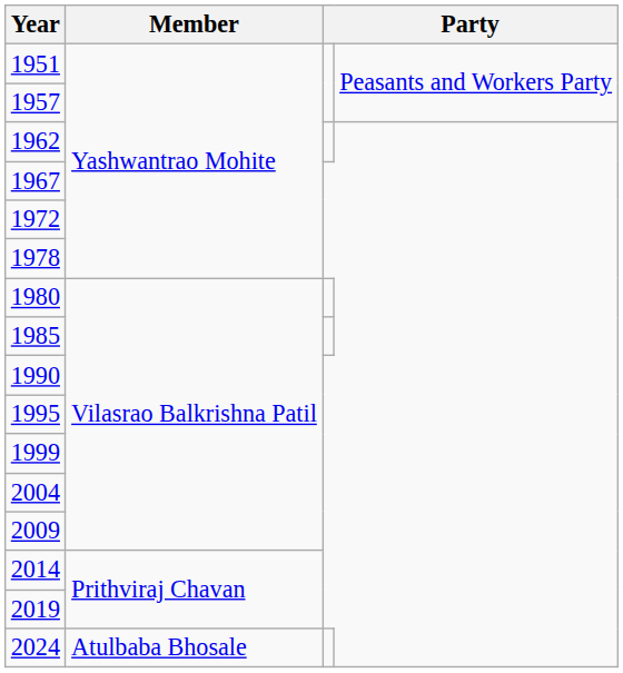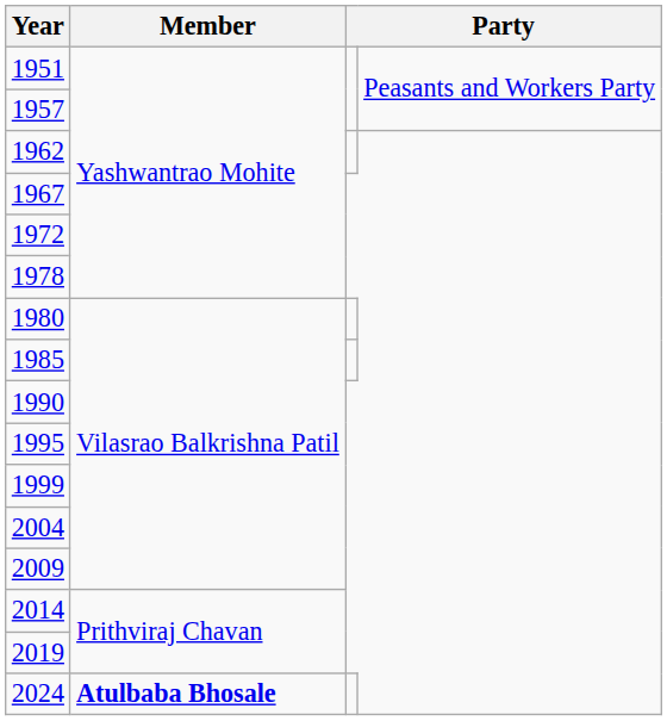 <table class="wikitable">
 <tr>
 <th>Year</th>
 <th>Member</th>
 <th colspan="2">Party</th>
 </tr>
 <tr>
 <td><a href='#'>1951</a></td>
 <td rowspan="6"><a href='#'>Yashwantrao Mohite</a></td>
 <td rowspan=2 style="background-color: "></td>
 <td rowspan=2><a href='#'>Peasants and Workers Party</a></td>
 </tr>
 <tr>
 <td><a href='#'>1957</a></td>
 </tr>
 <tr>
 <td><a href='#'>1962</a></td>
 <td></td>
 </tr>
 <tr>
 <td><a href='#'>1967</a></td>
 </tr>
 <tr>
 <td><a href='#'>1972</a></td>
 </tr>
 <tr>
 <td><a href='#'>1978</a></td>
 </tr>
 <tr>
 <td><a href='#'>1980</a></td>
 <td rowspan="7"><a href='#'>Vilasrao Balkrishna Patil</a></td>
 <td></td>
 </tr>
 <tr>
 <td><a href='#'>1985</a></td>
 <td></td>
 </tr>
 <tr>
 <td><a href='#'>1990</a></td>
 </tr>
 <tr>
 <td><a href='#'>1995</a></td>
 </tr>
 <tr>
 <td><a href='#'>1999</a></td>
 </tr>
 <tr>
 <td><a href='#'>2004</a></td>
 </tr>
 <tr>
 <td><a href='#'>2009</a></td>
 </tr>
 <tr>
 <td><a href='#'>2014</a></td>
 <td rowspan="2"><a href='#'>Prithviraj Chavan</a></td>
 </tr>
 <tr>
 <td><a href='#'>2019</a></td>
 </tr>
 <tr>
 <td><a href='#'>2024</a></td>
-<td><a href='#'>Atulbaba Bhosale</a></td>
+<td><strong><a href='#'>Atulbaba Bhosale</a></strong></td>
 <td></td>
 </tr>
 </table>
